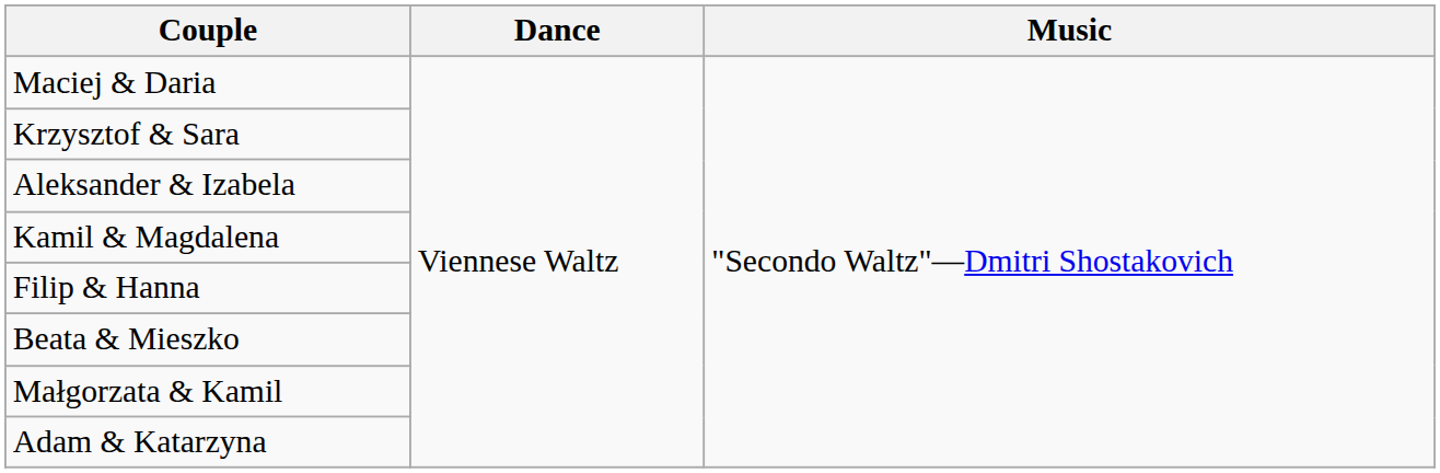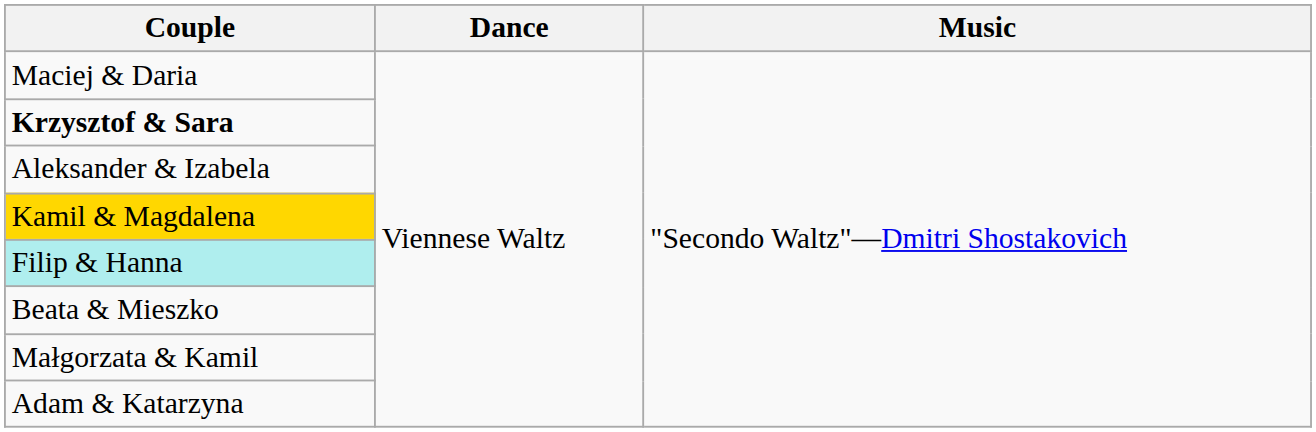 <table class="wikitable" style="width:80%;">
 <tr>
 <th>Couple</th>
 <th>Dance</th>
 <th>Music</th>
 </tr>
 <tr>
 <td>Maciej & Daria</td>
 <td rowspan="8">Viennese Waltz</td>
 <td rowspan="8">"Secondo Waltz"—<a href='#'>Dmitri Shostakovich</a></td>
 </tr>
 <tr>
-<td>Krzysztof & Sara</td>
+<td><strong>Krzysztof & Sara</strong></td>
 </tr>
 <tr>
 <td>Aleksander & Izabela</td>
 </tr>
 <tr>
-<td>Kamil & Magdalena</td>
+<td style="background: gold;">Kamil & Magdalena</td>
 </tr>
 <tr>
-<td>Filip & Hanna</td>
+<td style="background: paleturquoise;">Filip & Hanna</td>
 </tr>
 <tr>
 <td>Beata & Mieszko</td>
 </tr>
 <tr>
 <td>Małgorzata & Kamil</td>
 </tr>
 <tr>
 <td>Adam & Katarzyna</td>
 </tr>
 </table>
